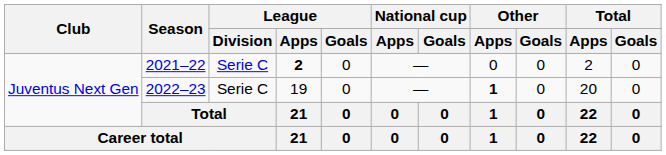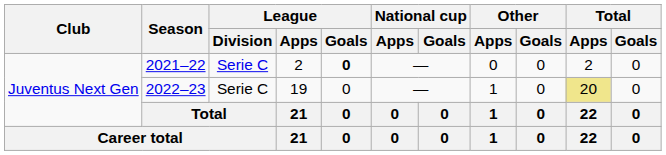 <table class="wikitable" style="text-align:center">
 <tr>
 <th rowspan="2">Club</th>
 <th rowspan="2">Season</th>
 <th colspan="3">League</th>
 <th colspan="2">National cup</th>
 <th colspan="2">Other</th>
 <th colspan="2">Total</th>
 </tr>
 <tr>
 <th>Division</th>
 <th>Apps</th>
 <th>Goals</th>
 <th>Apps</th>
 <th>Goals</th>
 <th>Apps</th>
 <th>Goals</th>
 <th>Apps</th>
 <th>Goals</th>
 </tr>
 <tr>
 <td rowspan="3"><a href='#'>Juventus Next Gen</a></td>
 <td><a href='#'>2021–22</a></td>
 <td><a href='#'>Serie C</a></td>
-<td><strong>2</strong></td>
-<td>0</td>
+<td>2</td>
+<td><strong>0</strong></td>
 <td colspan="2">—</td>
 <td>0</td>
 <td>0</td>
 <td>2</td>
 <td>0</td>
 </tr>
 <tr>
 <td><a href='#'>2022–23</a></td>
 <td>Serie C</td>
 <td>19</td>
 <td>0</td>
 <td colspan="2">—</td>
-<td><strong>1</strong></td>
+<td>1</td>
 <td 0>0</td>
-<td>20</td>
+<td style="background: khaki;">20</td>
 <td>0</td>
 </tr>
 <tr>
 <th colspan="2">Total</th>
 <th>21</th>
 <th>0</th>
 <th>0</th>
 <th>0</th>
 <th>1</th>
 <th>0</th>
 <th>22</th>
 <th>0</th>
 </tr>
 <tr>
 <th colspan="3">Career total</th>
 <th>21</th>
 <th>0</th>
 <th>0</th>
 <th>0</th>
 <th>1</th>
 <th>0</th>
 <th>22</th>
 <th>0</th>
 </tr>
 </table>
